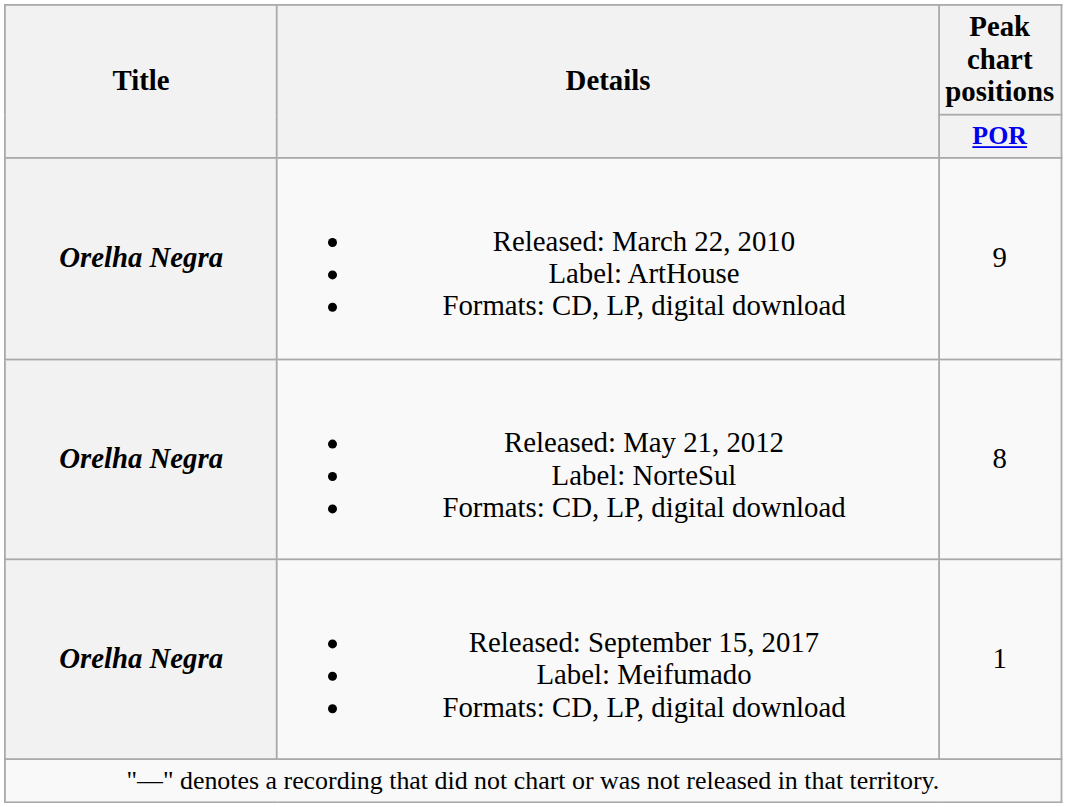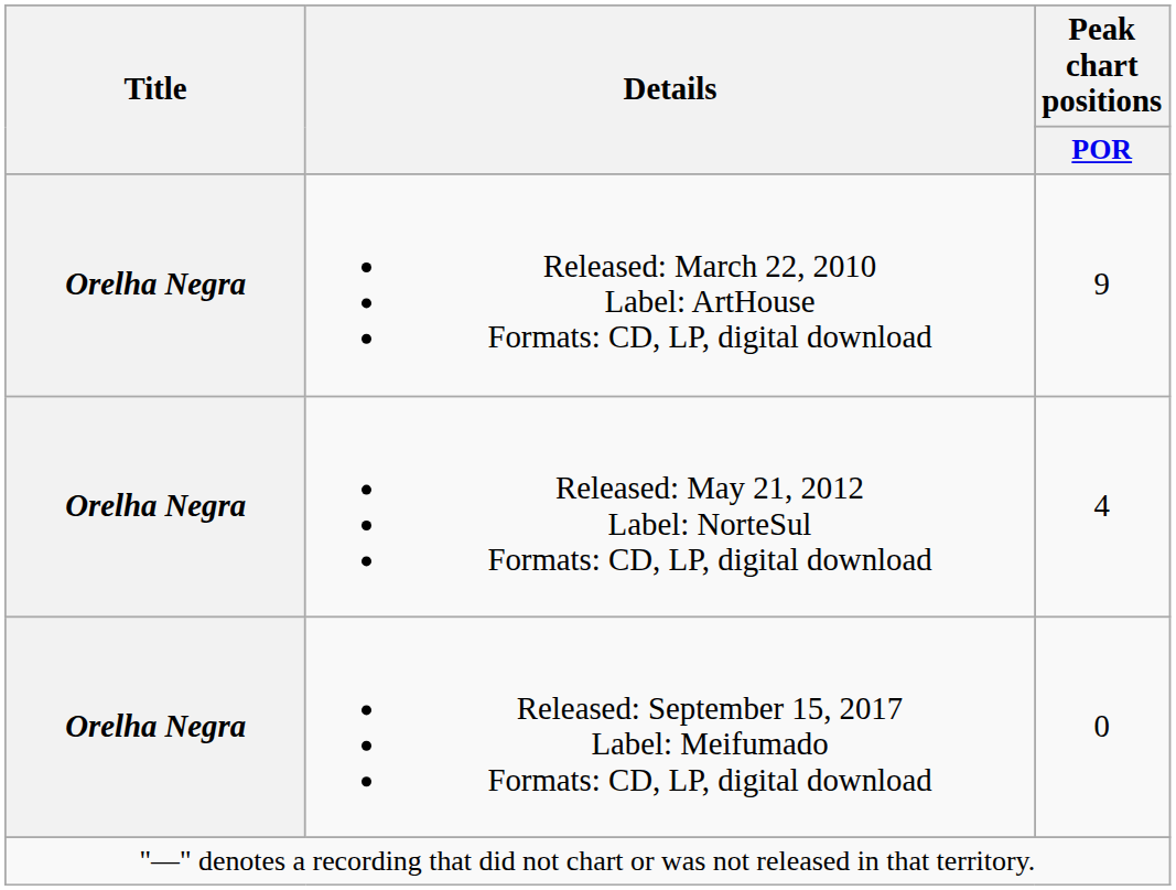 <table class="wikitable plainrowheaders" style="text-align:center;">
 <tr>
 <th rowspan="2" scope="col" style="width:9em;">Title</th>
 <th rowspan="2" scope="col" style="width:22.5em;">Details</th>
 <th scope="col">Peak chart positions</th>
 </tr>
 <tr>
 <th scope="col" style="width:2.5em;font-size:90%;"><a href='#'>POR</a></th>
 </tr>
 <tr>
 <th scope="row"><em>Orelha Negra</em></th>
 <td><br><ul><li>Released: March 22, 2010 </li><li>Label: ArtHouse</li><li>Formats: CD, LP, digital download</li></ul></td>
 <td>9</td>
 </tr>
 <tr>
 <th scope="row"><em>Orelha Negra</em></th>
 <td><br><ul><li>Released: May 21, 2012 </li><li>Label: NorteSul</li><li>Formats: CD, LP, digital download</li></ul></td>
-<td>8</td>
+<td>4</td>
 </tr>
 <tr>
 <th scope="row"><em>Orelha Negra</em></th>
 <td><br><ul><li>Released: September 15, 2017 </li><li>Label: Meifumado</li><li>Formats: CD, LP, digital download</li></ul></td>
-<td>1</td>
+<td>0</td>
 </tr>
 <tr>
 <td colspan="3" style="font-size:90%">"—" denotes a recording that did not chart or was not released in that territory.</td>
 </tr>
 </table>
